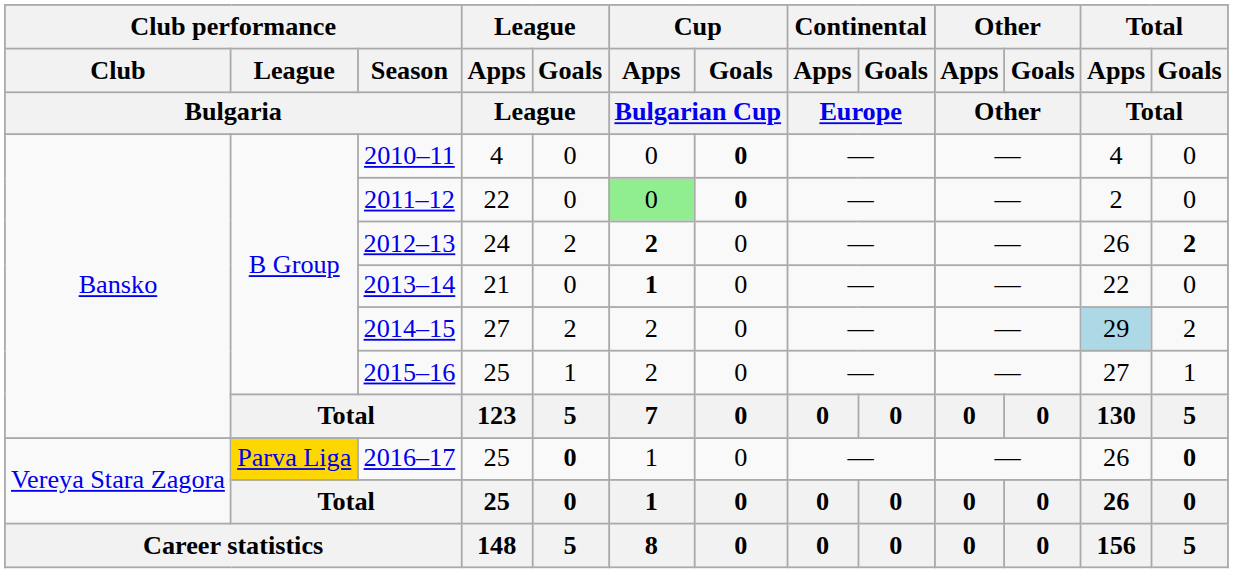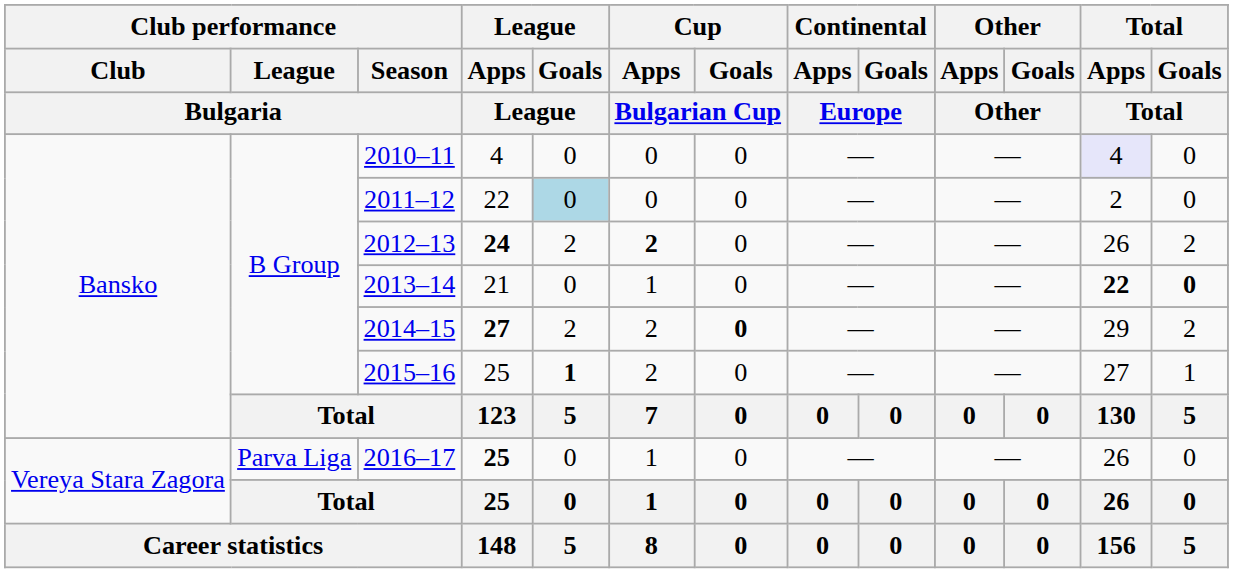 <table class="wikitable" style="font-size:90%; text-align: center">
 <tr>
 <th Colspan="3">Club performance</th>
 <th Colspan="2">League</th>
 <th Colspan="2">Cup</th>
 <th Colspan="2">Continental</th>
 <th Colspan="2">Other</th>
 <th Colspan="3">Total</th>
 </tr>
 <tr>
 <th>Club</th>
 <th>League</th>
 <th>Season</th>
 <th>Apps</th>
 <th>Goals</th>
 <th>Apps</th>
 <th>Goals</th>
 <th>Apps</th>
 <th>Goals</th>
 <th>Apps</th>
 <th>Goals</th>
 <th>Apps</th>
 <th>Goals</th>
 </tr>
 <tr>
 <th Colspan="3">Bulgaria</th>
 <th Colspan="2">League</th>
 <th Colspan="2"><a href='#'>Bulgarian Cup</a></th>
 <th Colspan="2"><a href='#'>Europe</a></th>
 <th Colspan="2">Other</th>
 <th Colspan="2">Total</th>
 </tr>
 <tr>
 <td rowspan="7"><a href='#'>Bansko</a></td>
 <td rowspan="6"><a href='#'>B Group</a></td>
 <td><a href='#'>2010–11</a></td>
 <td>4</td>
 <td>0</td>
 <td>0</td>
-<td><strong>0</strong></td>
+<td>0</td>
 <td colspan="2">—</td>
 <td colspan="2">—</td>
-<td>4</td>
+<td style="background: lavender;">4</td>
 <td>0</td>
 </tr>
 <tr>
 <td><a href='#'>2011–12</a></td>
 <td>22</td>
+<td style="background: lightblue;">0</td>
 <td>0</td>
-<td style="background: lightgreen;">0</td>
-<td><strong>0</strong></td>
+<td>0</td>
 <td colspan="2">—</td>
 <td colspan="2">—</td>
 <td>2</td>
 <td>0</td>
 </tr>
 <tr>
 <td><a href='#'>2012–13</a></td>
-<td>24</td>
+<td><strong>24</strong></td>
 <td>2</td>
 <td><strong>2</strong></td>
 <td>0</td>
 <td colspan="2">—</td>
 <td colspan="2">—</td>
 <td>26</td>
-<td><strong>2</strong></td>
+<td>2</td>
 </tr>
 <tr>
 <td><a href='#'>2013–14</a></td>
 <td>21</td>
 <td>0</td>
-<td><strong>1</strong></td>
+<td>1</td>
 <td>0</td>
 <td colspan="2">—</td>
 <td colspan="2">—</td>
-<td>22</td>
-<td>0</td>
+<td><strong>22</strong></td>
+<td><strong>0</strong></td>
 </tr>
 <tr>
 <td><a href='#'>2014–15</a></td>
-<td>27</td>
+<td><strong>27</strong></td>
 <td>2</td>
 <td>2</td>
-<td>0</td>
+<td><strong>0</strong></td>
 <td colspan="2">—</td>
 <td colspan="2">—</td>
-<td style="background: lightblue;">29</td>
+<td>29</td>
 <td>2</td>
 </tr>
 <tr>
 <td><a href='#'>2015–16</a></td>
 <td>25</td>
-<td>1</td>
+<td><strong>1</strong></td>
 <td>2</td>
 <td>0</td>
 <td colspan="2">—</td>
 <td colspan="2">—</td>
 <td>27</td>
 <td>1</td>
 </tr>
 <tr>
 <th colspan="2">Total</th>
 <th>123</th>
 <th>5</th>
 <th>7</th>
 <th>0</th>
 <th>0</th>
 <th>0</th>
 <th>0</th>
 <th>0</th>
 <th>130</th>
 <th>5</th>
 </tr>
 <tr>
 <td rowspan="2"><a href='#'>Vereya Stara Zagora</a></td>
-<td style="background: gold;"><a href='#'>Parva Liga</a></td>
+<td><a href='#'>Parva Liga</a></td>
 <td><a href='#'>2016–17</a></td>
-<td>25</td>
-<td><strong>0</strong></td>
+<td><strong>25</strong></td>
+<td>0</td>
 <td>1</td>
 <td>0</td>
 <td colspan="2">—</td>
 <td colspan="2">—</td>
 <td>26</td>
-<td><strong>0</strong></td>
+<td>0</td>
 </tr>
 <tr>
 <th colspan="2">Total</th>
 <th>25</th>
 <th>0</th>
 <th>1</th>
 <th>0</th>
 <th>0</th>
 <th>0</th>
 <th>0</th>
 <th>0</th>
 <th>26</th>
 <th>0</th>
 </tr>
 <tr>
 <th colspan="3">Career statistics</th>
 <th>148</th>
 <th>5</th>
 <th>8</th>
 <th>0</th>
 <th>0</th>
 <th>0</th>
 <th>0</th>
 <th>0</th>
 <th>156</th>
 <th>5</th>
 </tr>
 </table>
